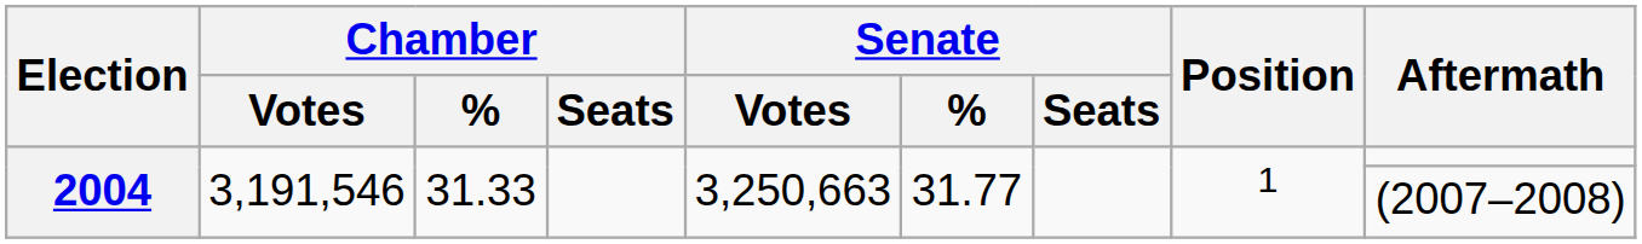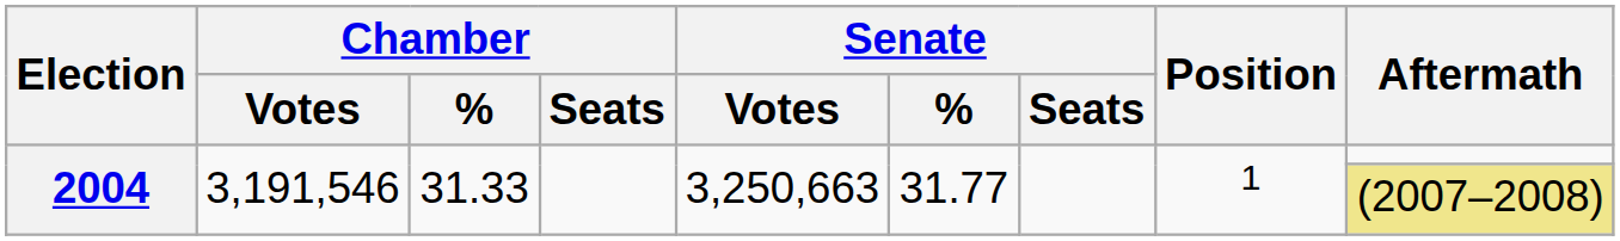 <table class="wikitable" style="text-align: right;">
 <tr>
 <th rowspan="2">Election</th>
 <th colspan="3"><a href='#'>Chamber</a></th>
 <th colspan="3"><a href='#'>Senate</a></th>
 <th rowspan="2">Position</th>
 <th rowspan="2">Aftermath</th>
 </tr>
 <tr>
 <th>Votes</th>
 <th>%</th>
 <th>Seats</th>
 <th>Votes</th>
 <th>%</th>
 <th>Seats</th>
 </tr>
 <tr>
 <th rowspan=2><a href='#'>2004</a></th>
 <td rowspan=2>3,191,546</td>
 <td rowspan=2>31.33</td>
 <td rowspan=2></td>
 <td rowspan=2>3,250,663</td>
 <td rowspan=2>31.77</td>
 <td rowspan=2></td>
 <td rowspan=2; style="text-align: center;"><sup>1</sup></td>
 <td></td>
 </tr>
 <tr>
-<td> (2007–2008)<br></td>
+<td style="background: khaki;"> (2007–2008)<br></td>
 </tr>
 </table>
